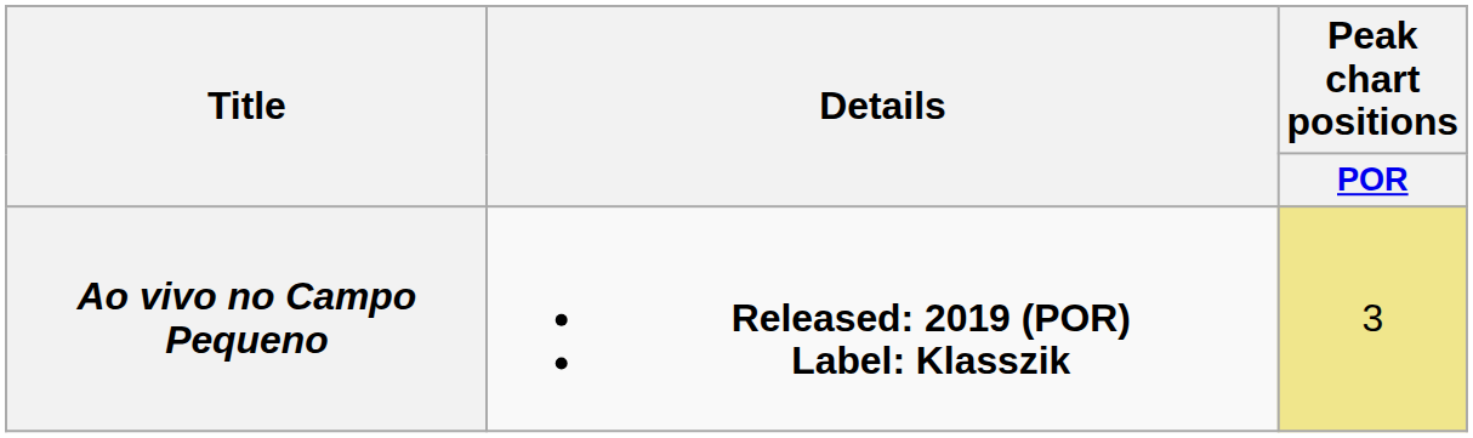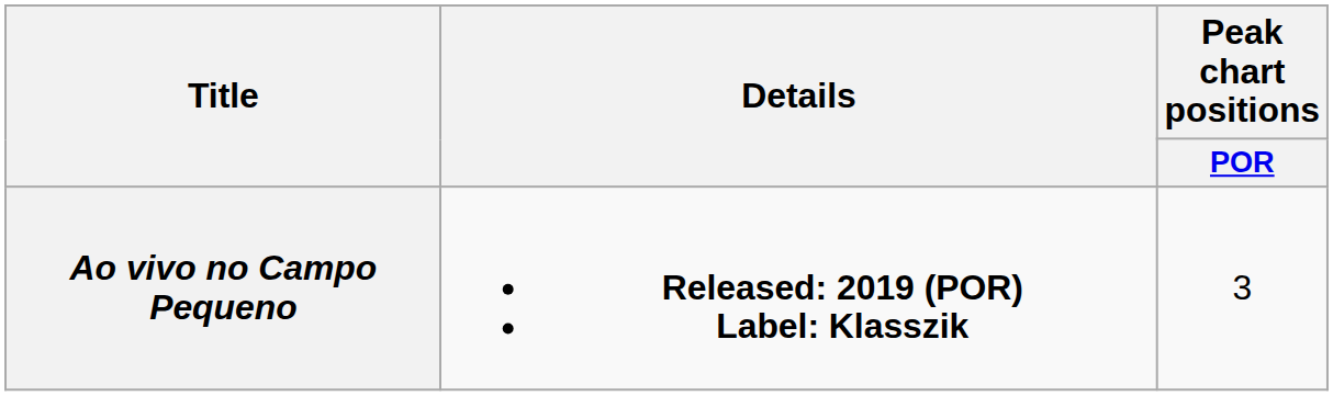 <table class="wikitable plainrowheaders" style="text-align:center;">
 <tr>
 <th rowspan="2" scope="col" style="width:12em;">Title</th>
 <th rowspan="2" scope="col" style="width:20em;">Details</th>
 <th colspan="1" scope="col">Peak chart positions</th>
 </tr>
 <tr>
 <th scope="col" style="width:3em;font-size:85%;"><a href='#'>POR</a><br></th>
 </tr>
 <tr>
 <th scope="row"><em>Ao vivo no Campo Pequeno</em></th>
 <td><strong><br><ul><li>Released: 2019 <span>(POR)</span></li><li>Label: Klasszik</li></ul></strong></td>
-<td style="background: khaki;">3</td>
+<td>3</td>
 </tr>
 </table>
